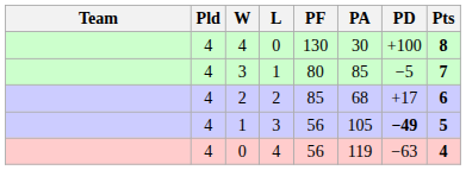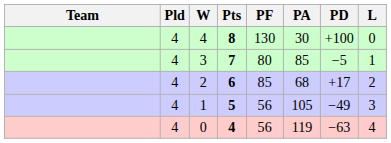 <table class=wikitable style="text-align:center">
 <tr>
 <th width=170>Team</th>
 <th width=25>Pld</th>
 <th width=25>W</th>
-<th width=25>L</th>
+<th width=25>Pts</th>
 <th width=35>PF</th>
 <th width=35>PA</th>
 <th width=35>PD</th>
-<th width=25>Pts</th>
+<th width=25>L</th>
 </tr>
 <tr bgcolor=ccffcc>
 <td style="text-align:left"></td>
 <td>4</td>
 <td>4</td>
-<td>0</td>
+<td><strong>8</strong></td>
 <td>130</td>
 <td>30</td>
 <td>+100</td>
-<td><strong>8</strong></td>
+<td>0</td>
 </tr>
 <tr bgcolor=ccffcc>
 <td style="text-align:left"></td>
 <td>4</td>
 <td>3</td>
-<td>1</td>
+<td><strong>7</strong></td>
 <td>80</td>
 <td>85</td>
 <td>−5</td>
-<td><strong>7</strong></td>
+<td>1</td>
 </tr>
 <tr bgcolor=ccccff>
 <td style="text-align:left"></td>
 <td>4</td>
 <td>2</td>
-<td>2</td>
+<td><strong>6</strong></td>
 <td>85</td>
 <td>68</td>
 <td>+17</td>
-<td><strong>6</strong></td>
+<td>2</td>
 </tr>
 <tr bgcolor=ccccff>
 <td style="text-align:left"></td>
 <td>4</td>
 <td>1</td>
-<td>3</td>
+<td><strong>5</strong></td>
 <td>56</td>
 <td>105</td>
-<td><strong>−49</strong></td>
-<td><strong>5</strong></td>
+<td>−49</td>
+<td>3</td>
 </tr>
 <tr bgcolor=ffcccc>
 <td style="text-align:left"></td>
 <td>4</td>
 <td>0</td>
-<td>4</td>
+<td><strong>4</strong></td>
 <td>56</td>
 <td>119</td>
 <td>−63</td>
-<td><strong>4</strong></td>
+<td>4</td>
 </tr>
 </table>
